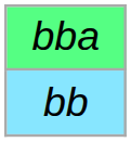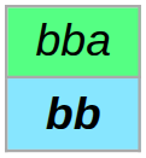 <table class="wikitable" style="font-style:italic;text-align:center;">
 <tr>
 <td bgcolor="#55FF83" width="40">bba</td>
 </tr>
 <tr>
-<td bgcolor="#87E6FF" width="40">bb</td>
+<td bgcolor="#87E6FF" width="40"><strong>bb</strong></td>
 </tr>
 </table>
